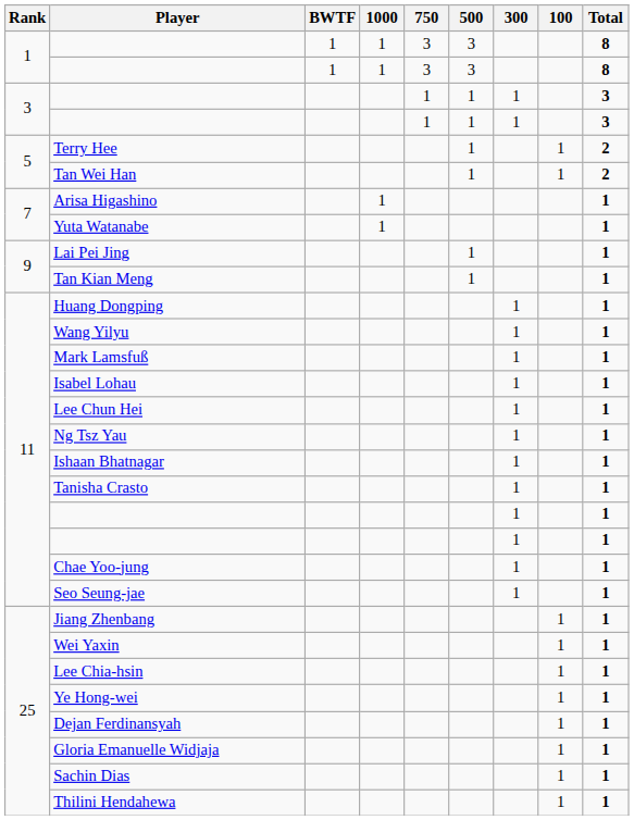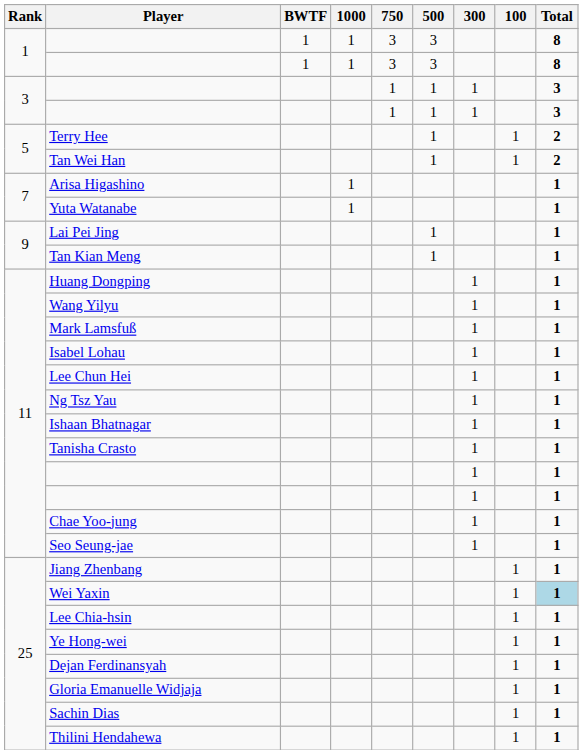 <table class="wikitable" style="font-size:80%; text-align:center">
 <tr>
 <th width="30">Rank</th>
 <th width="200">Player</th>
 <th width="30">BWTF</th>
 <th width="30">1000</th>
 <th width="30">750</th>
 <th width="30">500</th>
 <th width="30">300</th>
 <th width="30">100</th>
 <th width="30">Total</th>
 </tr>
 <tr>
 <td rowspan=2>1</td>
 <td align="left"> </td>
 <td>1</td>
 <td>1</td>
 <td>3</td>
 <td>3</td>
 <td></td>
 <td></td>
 <td><strong>8</strong></td>
 </tr>
 <tr>
 <td align="left"> </td>
 <td>1</td>
 <td>1</td>
 <td>3</td>
 <td>3</td>
 <td></td>
 <td></td>
 <td><strong>8</strong></td>
 </tr>
 <tr>
 <td rowspan=2>3</td>
 <td align="left"> </td>
 <td></td>
 <td></td>
 <td>1</td>
 <td>1</td>
 <td>1</td>
 <td></td>
 <td><strong>3</strong></td>
 </tr>
 <tr>
 <td align="left"> </td>
 <td></td>
 <td></td>
 <td>1</td>
 <td>1</td>
 <td>1</td>
 <td></td>
 <td><strong>3</strong></td>
 </tr>
 <tr>
 <td rowspan=2>5</td>
 <td align="left"> <a href='#'>Terry Hee</a></td>
 <td></td>
 <td></td>
 <td></td>
 <td>1</td>
 <td></td>
 <td>1</td>
 <td><strong>2</strong></td>
 </tr>
 <tr>
 <td align="left"> <a href='#'>Tan Wei Han</a></td>
 <td></td>
 <td></td>
 <td></td>
 <td>1</td>
 <td></td>
 <td>1</td>
 <td><strong>2</strong></td>
 </tr>
 <tr>
 <td rowspan=2>7</td>
 <td align="left"> <a href='#'>Arisa Higashino</a></td>
 <td></td>
 <td>1</td>
 <td></td>
 <td></td>
 <td></td>
 <td></td>
 <td><strong>1</strong></td>
 </tr>
 <tr>
 <td align="left"> <a href='#'>Yuta Watanabe</a></td>
 <td></td>
 <td>1</td>
 <td></td>
 <td></td>
 <td></td>
 <td></td>
 <td><strong>1</strong></td>
 </tr>
 <tr>
 <td rowspan=2>9</td>
 <td align="left"> <a href='#'>Lai Pei Jing</a></td>
 <td></td>
 <td></td>
 <td></td>
 <td>1</td>
 <td></td>
 <td></td>
 <td><strong>1</strong></td>
 </tr>
 <tr>
 <td align="left"> <a href='#'>Tan Kian Meng</a></td>
 <td></td>
 <td></td>
 <td></td>
 <td>1</td>
 <td></td>
 <td></td>
 <td><strong>1</strong></td>
 </tr>
 <tr>
 <td rowspan=12>11</td>
 <td align="left"> <a href='#'>Huang Dongping</a></td>
 <td></td>
 <td></td>
 <td></td>
 <td></td>
 <td>1</td>
 <td></td>
 <td><strong>1</strong></td>
 </tr>
 <tr>
 <td align="left"> <a href='#'>Wang Yilyu</a></td>
 <td></td>
 <td></td>
 <td></td>
 <td></td>
 <td>1</td>
 <td></td>
 <td><strong>1</strong></td>
 </tr>
 <tr>
 <td align="left"> <a href='#'>Mark Lamsfuß</a></td>
 <td></td>
 <td></td>
 <td></td>
 <td></td>
 <td>1</td>
 <td></td>
 <td><strong>1</strong></td>
 </tr>
 <tr>
 <td align="left"> <a href='#'>Isabel Lohau</a></td>
 <td></td>
 <td></td>
 <td></td>
 <td></td>
 <td>1</td>
 <td></td>
 <td><strong>1</strong></td>
 </tr>
 <tr>
 <td align="left"> <a href='#'>Lee Chun Hei</a></td>
 <td></td>
 <td></td>
 <td></td>
 <td></td>
 <td>1</td>
 <td></td>
 <td><strong>1</strong></td>
 </tr>
 <tr>
 <td align="left"> <a href='#'>Ng Tsz Yau</a></td>
 <td></td>
 <td></td>
 <td></td>
 <td></td>
 <td>1</td>
 <td></td>
 <td><strong>1</strong></td>
 </tr>
 <tr>
 <td align="left"> <a href='#'>Ishaan Bhatnagar</a></td>
 <td></td>
 <td></td>
 <td></td>
 <td></td>
 <td>1</td>
 <td></td>
 <td><strong>1</strong></td>
 </tr>
 <tr>
 <td align="left"> <a href='#'>Tanisha Crasto</a></td>
 <td></td>
 <td></td>
 <td></td>
 <td></td>
 <td>1</td>
 <td></td>
 <td><strong>1</strong></td>
 </tr>
 <tr>
 <td align="left"> </td>
 <td></td>
 <td></td>
 <td></td>
 <td></td>
 <td>1</td>
 <td></td>
 <td><strong>1</strong></td>
 </tr>
 <tr>
 <td align="left"> </td>
 <td></td>
 <td></td>
 <td></td>
 <td></td>
 <td>1</td>
 <td></td>
 <td><strong>1</strong></td>
 </tr>
 <tr>
 <td align="left"> <a href='#'>Chae Yoo-jung</a></td>
 <td></td>
 <td></td>
 <td></td>
 <td></td>
 <td>1</td>
 <td></td>
 <td><strong>1</strong></td>
 </tr>
 <tr>
 <td align="left"> <a href='#'>Seo Seung-jae</a></td>
 <td></td>
 <td></td>
 <td></td>
 <td></td>
 <td>1</td>
 <td></td>
 <td><strong>1</strong></td>
 </tr>
 <tr>
 <td rowspan=8>25</td>
 <td align="left"> <a href='#'>Jiang Zhenbang</a></td>
 <td></td>
 <td></td>
 <td></td>
 <td></td>
 <td></td>
 <td>1</td>
 <td><strong>1</strong></td>
 </tr>
 <tr>
 <td align="left"> <a href='#'>Wei Yaxin</a></td>
 <td></td>
 <td></td>
 <td></td>
 <td></td>
 <td></td>
 <td>1</td>
-<td><strong>1</strong></td>
+<td style="background: lightblue;"><strong>1</strong></td>
 </tr>
 <tr>
 <td align="left"> <a href='#'>Lee Chia-hsin</a></td>
 <td></td>
 <td></td>
 <td></td>
 <td></td>
 <td></td>
 <td>1</td>
 <td><strong>1</strong></td>
 </tr>
 <tr>
 <td align="left"> <a href='#'>Ye Hong-wei</a></td>
 <td></td>
 <td></td>
 <td></td>
 <td></td>
 <td></td>
 <td>1</td>
 <td><strong>1</strong></td>
 </tr>
 <tr>
 <td align="left"> <a href='#'>Dejan Ferdinansyah</a></td>
 <td></td>
 <td></td>
 <td></td>
 <td></td>
 <td></td>
 <td>1</td>
 <td><strong>1</strong></td>
 </tr>
 <tr>
 <td align="left"> <a href='#'>Gloria Emanuelle Widjaja</a></td>
 <td></td>
 <td></td>
 <td></td>
 <td></td>
 <td></td>
 <td>1</td>
 <td><strong>1</strong></td>
 </tr>
 <tr>
 <td align="left"> <a href='#'>Sachin Dias</a></td>
 <td></td>
 <td></td>
 <td></td>
 <td></td>
 <td></td>
 <td>1</td>
 <td><strong>1</strong></td>
 </tr>
 <tr>
 <td align="left"> <a href='#'>Thilini Hendahewa</a></td>
 <td></td>
 <td></td>
 <td></td>
 <td></td>
 <td></td>
 <td>1</td>
 <td><strong>1</strong></td>
 </tr>
 </table>
